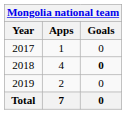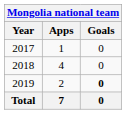 <table class="wikitable" style="text-align:center">
 <tr>
 <th colspan=3><a href='#'>Mongolia national team</a></th>
 </tr>
 <tr>
 <th>Year</th>
 <th>Apps</th>
 <th>Goals</th>
 </tr>
 <tr>
 <td>2017</td>
 <td>1</td>
 <td>0</td>
 </tr>
 <tr>
 <td>2018</td>
 <td>4</td>
-<td><strong>0</strong></td>
+<td>0</td>
 </tr>
 <tr>
 <td>2019</td>
 <td>2</td>
-<td>0</td>
+<td><strong>0</strong></td>
 </tr>
 <tr>
 <th>Total</th>
 <th>7</th>
 <th>0</th>
 </tr>
 </table>
